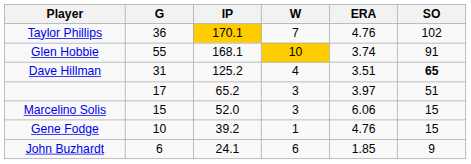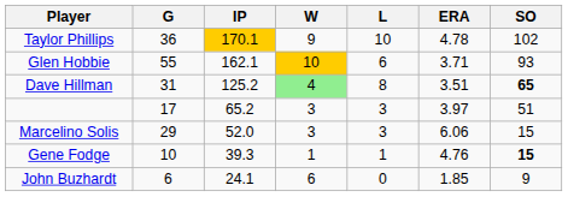 <table class="wikitable sortable">
 <tr>
 <th bgcolor="#DDDDFF" width="16%">Player</th>
 <th bgcolor="#DDDDFF" width="9%">G</th>
 <th bgcolor="#DDDDFF" width="9%">IP</th>
 <th bgcolor="#DDDDFF" width="9%">W</th>
+<th bgcolor="#DDDDFF" width="9%">L</th>
 <th bgcolor="#DDDDFF" width="9%">ERA</th>
 <th bgcolor="#DDDDFF" width="9%">SO</th>
 </tr>
 <tr align="center">
 <td><a href='#'>Taylor Phillips</a></td>
 <td>36</td>
 <td style="background:#fc0;">170.1</td>
-<td>7</td>
-<td>4.76</td>
+<td>9</td>
+<td>10</td>
+<td>4.78</td>
 <td>102</td>
 </tr>
 <tr align=center>
 <td><a href='#'>Glen Hobbie</a></td>
 <td>55</td>
-<td>168.1</td>
+<td>162.1</td>
 <td style="background:#fc0;">10</td>
-<td>3.74</td>
-<td>91</td>
+<td>6</td>
+<td>3.71</td>
+<td>93</td>
 </tr>
 <tr align=center>
 <td><a href='#'>Dave Hillman</a></td>
 <td>31</td>
 <td>125.2</td>
-<td>4</td>
+<td style="background: lightgreen;">4</td>
+<td>8</td>
 <td>3.51</td>
 <td><strong>65</strong></td>
 </tr>
 <tr align=center>
 <td></td>
 <td>17</td>
 <td>65.2</td>
 <td>3</td>
+<td>3</td>
 <td>3.97</td>
 <td>51</td>
 </tr>
 <tr align="center">
 <td><a href='#'>Marcelino Solis</a></td>
-<td>15</td>
+<td>29</td>
 <td>52.0</td>
+<td>3</td>
 <td>3</td>
 <td>6.06</td>
 <td>15</td>
 </tr>
 <tr align=center>
 <td><a href='#'>Gene Fodge</a></td>
 <td>10</td>
-<td>39.2</td>
+<td>39.3</td>
+<td>1</td>
 <td>1</td>
 <td>4.76</td>
-<td>15</td>
+<td><strong>15</strong></td>
 </tr>
 <tr align=center>
 <td><a href='#'>John Buzhardt</a></td>
 <td>6</td>
 <td>24.1</td>
 <td>6</td>
+<td>0</td>
 <td>1.85</td>
 <td>9</td>
 </tr>
 </table>
